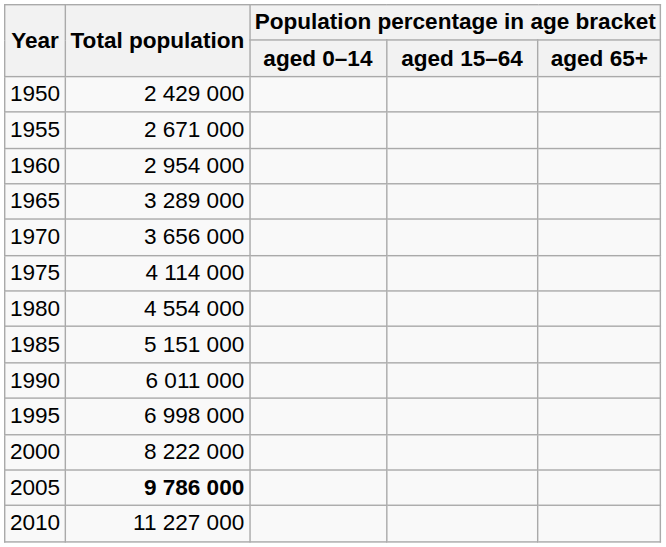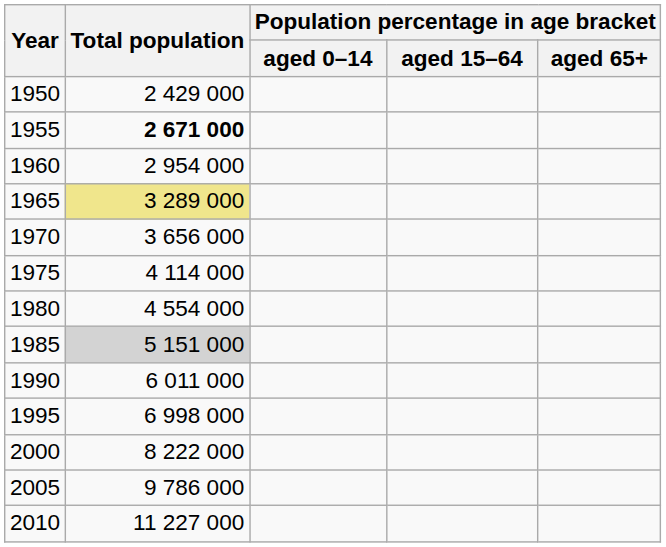 <table class="wikitable" style="text-align: right;">
 <tr>
 <th rowspan=2>Year</th>
 <th rowspan=2>Total population</th>
 <th colspan=3>Population percentage in age bracket</th>
 </tr>
 <tr>
 <th>aged 0–14</th>
 <th>aged 15–64</th>
 <th>aged 65+</th>
 </tr>
 <tr>
 <td>1950</td>
 <td>2 429 000</td>
 <td></td>
 <td></td>
 <td></td>
 </tr>
 <tr>
 <td>1955</td>
-<td>2 671 000</td>
+<td><strong>2 671 000</strong></td>
 <td></td>
 <td></td>
 <td></td>
 </tr>
 <tr>
 <td>1960</td>
 <td>2 954 000</td>
 <td></td>
 <td></td>
 <td></td>
 </tr>
 <tr>
 <td>1965</td>
-<td>3 289 000</td>
+<td style="background: khaki;">3 289 000</td>
 <td></td>
 <td></td>
 <td></td>
 </tr>
 <tr>
 <td>1970</td>
 <td>3 656 000</td>
 <td></td>
 <td></td>
 <td></td>
 </tr>
 <tr>
 <td>1975</td>
 <td>4 114 000</td>
 <td></td>
 <td></td>
 <td></td>
 </tr>
 <tr>
 <td>1980</td>
 <td>4 554 000</td>
 <td></td>
 <td></td>
 <td></td>
 </tr>
 <tr>
 <td>1985</td>
-<td>5 151 000</td>
+<td style="background: lightgrey;">5 151 000</td>
 <td></td>
 <td></td>
 <td></td>
 </tr>
 <tr>
 <td>1990</td>
 <td>6 011 000</td>
 <td></td>
 <td></td>
 <td></td>
 </tr>
 <tr>
 <td>1995</td>
 <td>6 998 000</td>
 <td></td>
 <td></td>
 <td></td>
 </tr>
 <tr>
 <td>2000</td>
 <td>8 222 000</td>
 <td></td>
 <td></td>
 <td></td>
 </tr>
 <tr>
 <td>2005</td>
-<td><strong>9 786 000</strong></td>
+<td>9 786 000</td>
 <td></td>
 <td></td>
 <td></td>
 </tr>
 <tr>
 <td>2010</td>
 <td>11 227 000</td>
 <td></td>
 <td></td>
 <td></td>
 </tr>
 </table>
